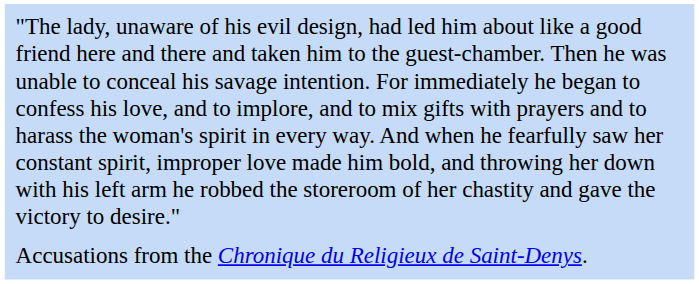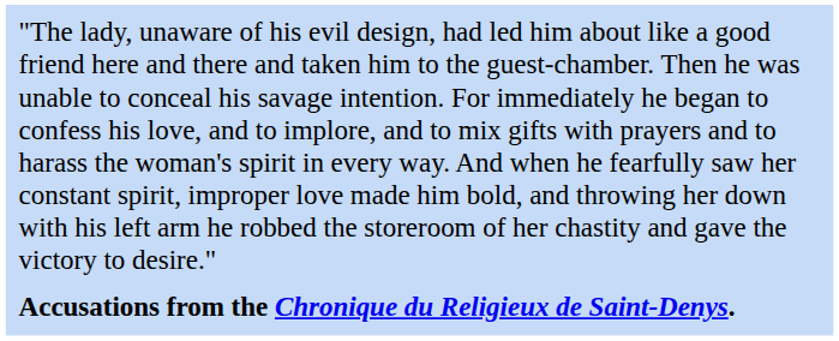 <table class="toccolours" style="float: right; margin-left: 2em; margin-right: 1em; font-size: 85%; background:#c6dbf7; color:black; width:30em; max-width: 40%;" cellspacing="5">
 <tr>
 <td style="text-align: left;">"The lady, unaware of his evil design, had led him about like a good friend here and there and taken him to the guest-chamber. Then he was unable to conceal his savage intention. For immediately he began to confess his love, and to implore, and to mix gifts with prayers and to harass the woman's spirit in every way. And when he fearfully saw her constant spirit, improper love made him bold, and throwing her down with his left arm he robbed the storeroom of her chastity and gave the victory to desire."</td>
 </tr>
 <tr>
-<td style="text-align: left;">Accusations from the <em><a href='#'>Chronique du Religieux de Saint-Denys</a></em>.</td>
+<td style="text-align: left;"><strong>Accusations from the <em><a href='#'>Chronique du Religieux de Saint-Denys</a></em>.</strong></td>
 </tr>
 </table>
